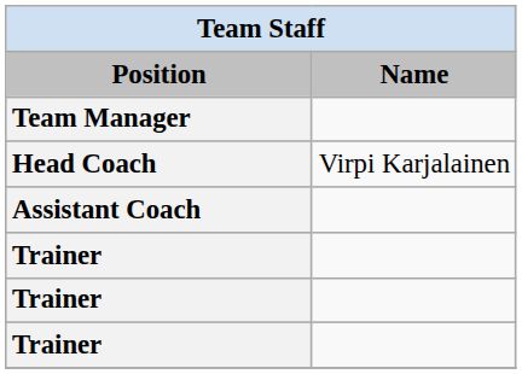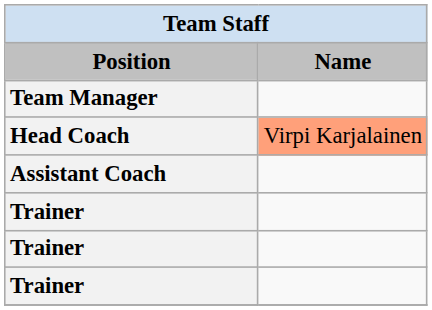 <table class="wikitable" style="text-align:left; font-size:90%;">
 <tr>
 <th style=background:#CEE0F2 colspan=2><span>Team Staff</span></th>
 </tr>
 <tr>
 <th width=60% style="background:silver;">Position</th>
 <th style="background:silver;">Name</th>
 </tr>
 <tr>
 <th style="text-align:left;">Team Manager</th>
 <td></td>
 </tr>
 <tr>
 <th style="text-align:left;">Head Coach</th>
-<td>Virpi Karjalainen</td>
+<td style="background: lightsalmon;">Virpi Karjalainen</td>
 </tr>
 <tr>
 <th style="text-align:left;">Assistant Coach</th>
 <td></td>
 </tr>
 <tr>
 <th style="text-align:left;">Trainer</th>
 <td></td>
 </tr>
 <tr>
 <th style="text-align:left;">Trainer</th>
 <td></td>
 </tr>
 <tr>
 <th style="text-align:left;">Trainer</th>
 <td></td>
 </tr>
 <tr>
 </tr>
 </table>
